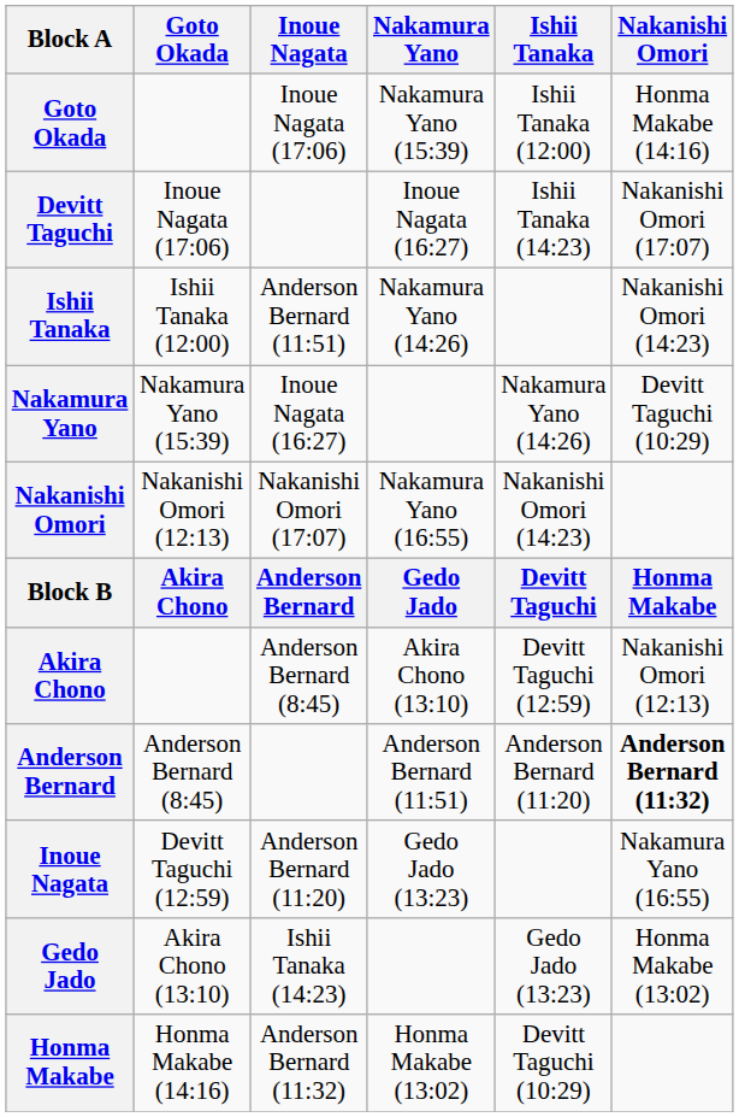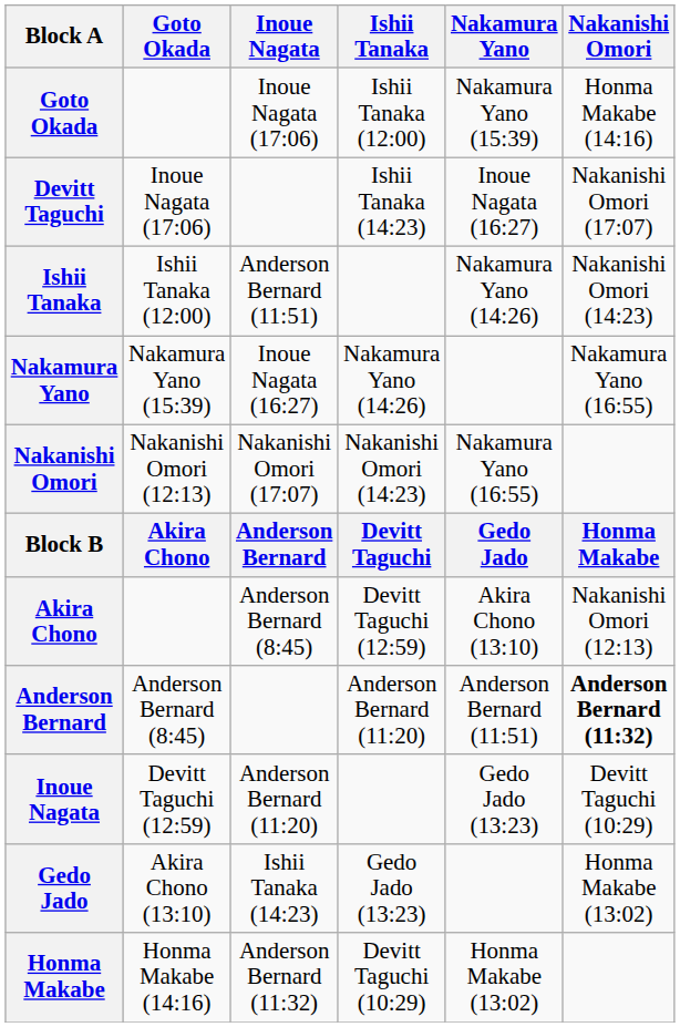 <table class="wikitable" style="text-align:center; margin: 1em auto 1em auto">
 <tr align="center">
 <th>Block A</th>
 <th><a href='#'>Goto</a><br><a href='#'>Okada</a></th>
 <th><a href='#'>Inoue</a><br><a href='#'>Nagata</a></th>
+<th><a href='#'>Ishii</a><br><a href='#'>Tanaka</a></th>
 <th><a href='#'>Nakamura</a><br><a href='#'>Yano</a></th>
-<th><a href='#'>Ishii</a><br><a href='#'>Tanaka</a></th>
 <th><a href='#'>Nakanishi</a><br><a href='#'>Omori</a></th>
 </tr>
 <tr align="center">
 <th><a href='#'>Goto</a><br><a href='#'>Okada</a></th>
 <td></td>
 <td>Inoue<br>Nagata<br>(17:06)</td>
+<td>Ishii<br>Tanaka<br>(12:00)</td>
 <td>Nakamura<br>Yano<br>(15:39)</td>
-<td>Ishii<br>Tanaka<br>(12:00)</td>
 <td>Honma<br>Makabe<br>(14:16)</td>
 </tr>
 <tr align="center">
 <th><a href='#'>Devitt</a><br><a href='#'>Taguchi</a></th>
 <td>Inoue<br>Nagata<br>(17:06)</td>
 <td></td>
+<td>Ishii<br>Tanaka<br>(14:23)</td>
 <td>Inoue<br>Nagata<br>(16:27)</td>
-<td>Ishii<br>Tanaka<br>(14:23)</td>
 <td>Nakanishi<br>Omori<br>(17:07)</td>
 </tr>
 <tr align="center">
 <th><a href='#'>Ishii</a><br><a href='#'>Tanaka</a></th>
 <td>Ishii<br>Tanaka<br>(12:00)</td>
 <td>Anderson<br>Bernard<br>(11:51)</td>
+<td></td>
 <td>Nakamura<br>Yano<br>(14:26)</td>
-<td></td>
 <td>Nakanishi<br>Omori<br>(14:23)</td>
 </tr>
 <tr align="center">
 <th><a href='#'>Nakamura</a><br><a href='#'>Yano</a></th>
 <td>Nakamura<br>Yano<br>(15:39)</td>
 <td>Inoue<br>Nagata<br>(16:27)</td>
+<td>Nakamura<br>Yano<br>(14:26)</td>
 <td></td>
-<td>Nakamura<br>Yano<br>(14:26)</td>
-<td>Devitt<br>Taguchi<br>(10:29)</td>
+<td>Nakamura<br>Yano<br>(16:55)</td>
 </tr>
 <tr align="center">
 <th><a href='#'>Nakanishi</a><br><a href='#'>Omori</a></th>
 <td>Nakanishi<br>Omori<br>(12:13)</td>
 <td>Nakanishi<br>Omori<br>(17:07)</td>
+<td>Nakanishi<br>Omori<br>(14:23)</td>
 <td>Nakamura<br>Yano<br>(16:55)</td>
-<td>Nakanishi<br>Omori<br>(14:23)</td>
 <td></td>
 </tr>
 <tr align="center">
 <th>Block B</th>
 <th><a href='#'>Akira</a><br><a href='#'>Chono</a></th>
 <th><a href='#'>Anderson</a><br><a href='#'>Bernard</a></th>
+<th><a href='#'>Devitt</a><br><a href='#'>Taguchi</a></th>
 <th><a href='#'>Gedo</a><br><a href='#'>Jado</a></th>
-<th><a href='#'>Devitt</a><br><a href='#'>Taguchi</a></th>
 <th><a href='#'>Honma</a><br><a href='#'>Makabe</a></th>
 </tr>
 <tr align="center">
 <th><a href='#'>Akira</a><br><a href='#'>Chono</a></th>
 <td></td>
 <td>Anderson<br>Bernard<br>(8:45)</td>
+<td>Devitt<br>Taguchi<br>(12:59)</td>
 <td>Akira<br>Chono<br>(13:10)</td>
-<td>Devitt<br>Taguchi<br>(12:59)</td>
 <td>Nakanishi<br>Omori<br>(12:13)</td>
 </tr>
 <tr align="center">
 <th><a href='#'>Anderson</a><br><a href='#'>Bernard</a></th>
 <td>Anderson<br>Bernard<br>(8:45)</td>
 <td></td>
+<td>Anderson<br>Bernard<br>(11:20)</td>
 <td>Anderson<br>Bernard<br>(11:51)</td>
-<td>Anderson<br>Bernard<br>(11:20)</td>
 <td><strong>Anderson<br>Bernard<br>(11:32)</strong></td>
 </tr>
 <tr align="center">
 <th><a href='#'>Inoue</a><br><a href='#'>Nagata</a></th>
 <td>Devitt<br>Taguchi<br>(12:59)</td>
 <td>Anderson<br>Bernard<br>(11:20)</td>
+<td></td>
 <td>Gedo<br>Jado<br>(13:23)</td>
-<td></td>
-<td>Nakamura<br>Yano<br>(16:55)</td>
+<td>Devitt<br>Taguchi<br>(10:29)</td>
 </tr>
 <tr align="center">
 <th><a href='#'>Gedo</a><br><a href='#'>Jado</a></th>
 <td>Akira<br>Chono<br>(13:10)</td>
 <td>Ishii<br>Tanaka<br>(14:23)</td>
+<td>Gedo<br>Jado<br>(13:23)</td>
 <td></td>
-<td>Gedo<br>Jado<br>(13:23)</td>
 <td>Honma<br>Makabe<br>(13:02)</td>
 </tr>
 <tr align="center">
 <th><a href='#'>Honma</a><br><a href='#'>Makabe</a></th>
 <td>Honma<br>Makabe<br>(14:16)</td>
 <td>Anderson<br>Bernard<br>(11:32)</td>
+<td>Devitt<br>Taguchi<br>(10:29)</td>
 <td>Honma<br>Makabe<br>(13:02)</td>
-<td>Devitt<br>Taguchi<br>(10:29)</td>
 <td></td>
 </tr>
 </table>
